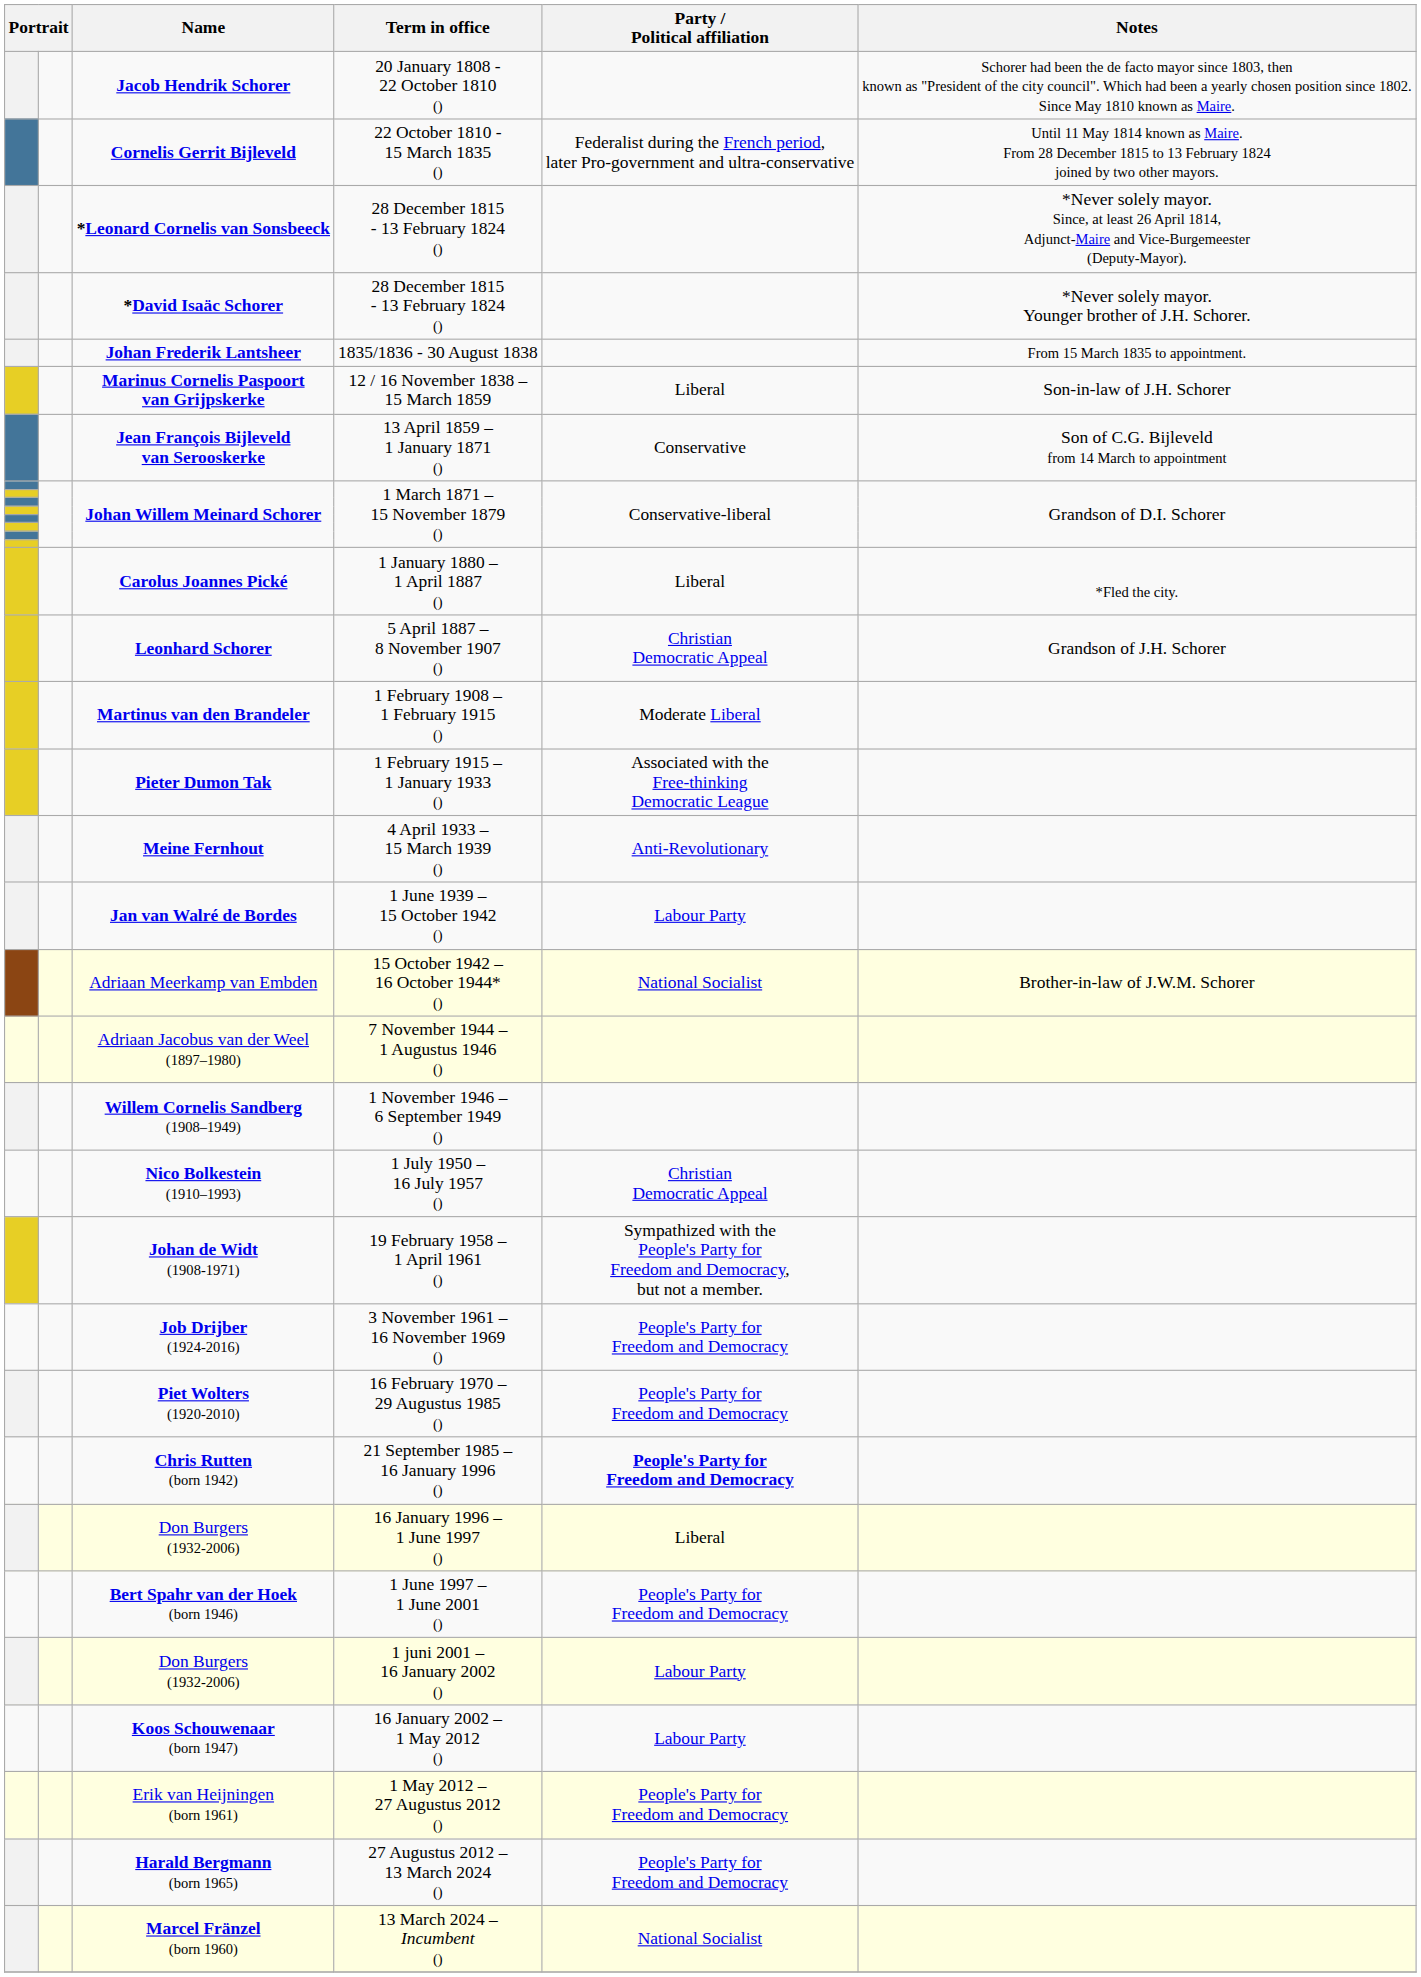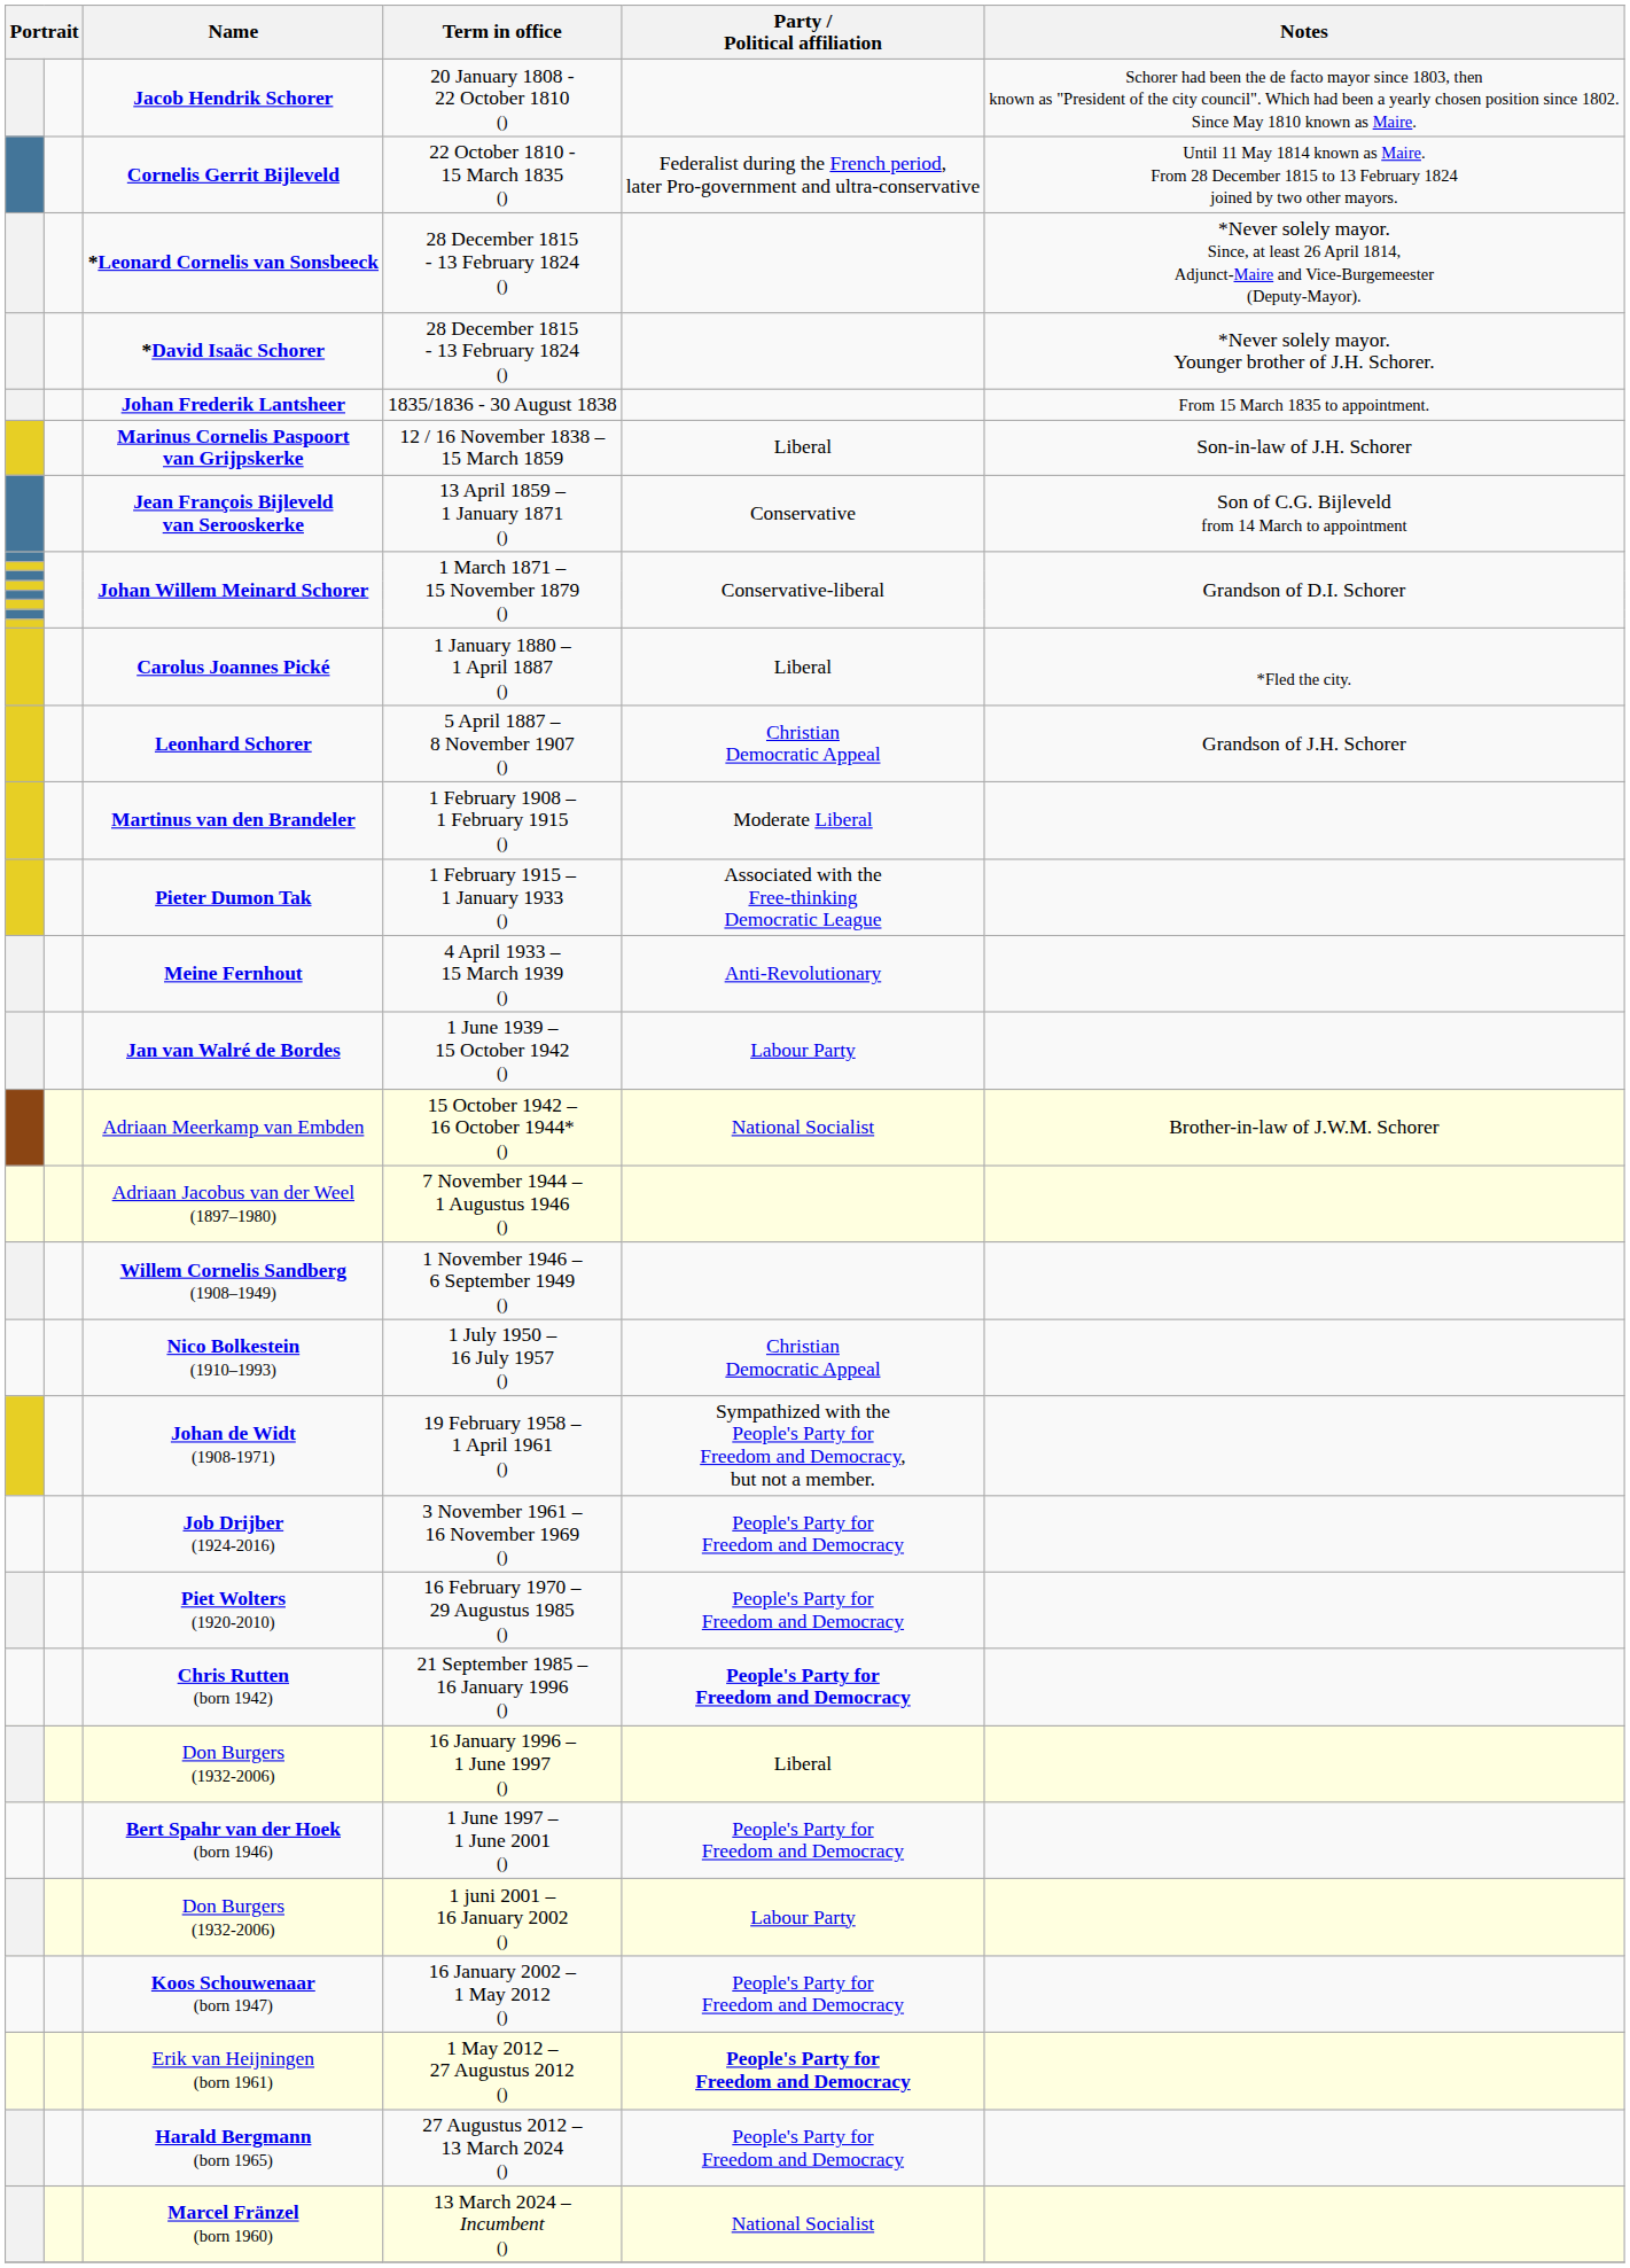 <table class="wikitable" style="text-align:center">
 <tr>
 <th colspan=2>Portrait</th>
 <th>Name</th>
 <th>Term in office</th>
 <th>Party / <br> Political affiliation</th>
 <th>Notes</th>
 </tr>
 <tr>
 <th style="background:"></th>
 <td></td>
 <td><strong><a href='#'>Jacob Hendrik Schorer</a></strong><br></td>
 <td>20 January 1808 - <br>22 October 1810<br><small>()</small></td>
 <td></td>
 <td><small>Schorer had been the de facto mayor since 1803, then<br> known as "President of the city council". Which had been a yearly chosen position since 1802. <br> Since May 1810 known as <a href='#'>Maire</a>.</small><br> </td>
 </tr>
 <tr>
 <th style="background:#437599"></th>
 <td></td>
 <td><strong><a href='#'>Cornelis Gerrit Bijleveld</a></strong><br></td>
 <td>22 October 1810 -<br>15 March 1835<br><small>()</small></td>
 <td>Federalist during the <a href='#'>French period</a>,<br>later Pro-government and ultra-conservative</td>
 <td><small>Until 11 May 1814 known as <a href='#'>Maire</a>.<br> From 28 December 1815 to 13 February 1824<br>joined by two other mayors.</small></td>
 </tr>
 <tr>
 <th style="background:"></th>
 <td></td>
 <td><strong>*<a href='#'>Leonard Cornelis van Sonsbeeck</a></strong><br></td>
 <td>28 December 1815<br>- 13 February 1824<br><small>()</small></td>
 <td></td>
 <td>*Never solely mayor.<br><small>Since, at least 26 April 1814,<br>Adjunct-<a href='#'>Maire</a> and Vice-Burgemeester<br>(Deputy-Mayor).</small></td>
 </tr>
 <tr>
 <th style="background:"></th>
 <td></td>
 <td><strong>*<a href='#'>David Isaäc Schorer</a></strong><br></td>
 <td>28 December 1815<br>- 13 February 1824<br><small>()</small></td>
 <td></td>
 <td>*Never solely mayor.<br>Younger brother of J.H. Schorer.</td>
 </tr>
 <tr>
 <th style="background:"></th>
 <td></td>
 <td><strong><a href='#'>Johan Frederik Lantsheer</a></strong><br></td>
 <td>1835/1836 - 30 August 1838</td>
 <td></td>
 <td><small> From 15 March 1835 to appointment.</small><br></td>
 </tr>
 <tr>
 <th style="background:#e7cf25"></th>
 <td></td>
 <td><strong><a href='#'>Marinus Cornelis Paspoort <br> van Grijpskerke</a></strong><br></td>
 <td>12 / 16 November 1838 – <br> 15 March 1859</td>
 <td>Liberal</td>
 <td>Son-in-law of J.H. Schorer</td>
 </tr>
 <tr>
 <th style="background:#437599"></th>
 <td></td>
 <td><strong><a href='#'>Jean François Bijleveld <br> van Serooskerke</a></strong><br></td>
 <td>13 April 1859 – <br> 1 January 1871 <br> <small>()</small></td>
 <td>Conservative</td>
 <td>Son of C.G. Bijleveld<br> <small> from 14 March to appointment</small></td>
 </tr>
 <tr>
 <th style="background:#437599"></th>
 <td rowspan=8></td>
 <td rowspan=8><strong><a href='#'>Johan Willem Meinard Schorer</a></strong><br></td>
 <td rowspan=8>1 March 1871 – <br> 15 November 1879 <br> <small>()</small></td>
 <td rowspan=8>Conservative-liberal</td>
 <td rowspan=8>Grandson of D.I. Schorer</td>
 </tr>
 <tr>
 <th style="background:#e7cf25"></th>
 </tr>
 <tr>
 <th style="background:#437599"></th>
 </tr>
 <tr>
 <th style="background:#e7cf25"></th>
 </tr>
 <tr>
 <th style="background:#437599"></th>
 </tr>
 <tr>
 <th style="background:#e7cf25"></th>
 </tr>
 <tr>
 <th style="background:#437599"></th>
 </tr>
 <tr>
 <th style="background:#e7cf25"></th>
 </tr>
 <tr>
 <th style="background:#e7cf25"></th>
 <td></td>
 <td><strong><a href='#'>Carolus Joannes Pické</a></strong><br></td>
 <td>1 January 1880 – <br> 1 April 1887 <br> <small>()</small></td>
 <td>Liberal</td>
 <td><br><small>*Fled the city.</small></td>
 </tr>
 <tr>
 <th style="background:#e7cf25"></th>
 <td></td>
 <td><strong><a href='#'>Leonhard Schorer</a></strong><br></td>
 <td>5 April 1887 – <br> 8 November 1907 <br> <small>()</small></td>
 <td><a href='#'>Christian <br> Democratic Appeal</a></td>
 <td>Grandson of J.H. Schorer<br></td>
 </tr>
 <tr>
 <th style="background:#e7cf25"></th>
 <td></td>
 <td><strong><a href='#'>Martinus van den Brandeler</a></strong><br></td>
 <td>1 February 1908 – <br> 1 February 1915 <br> <small>()</small></td>
 <td>Moderate <a href='#'>Liberal</a></td>
 <td></td>
 </tr>
 <tr>
 <th style="background:#e7cf25"></th>
 <td></td>
 <td><strong><a href='#'>Pieter Dumon Tak</a></strong><br></td>
 <td>1 February 1915 – <br> 1 January 1933 <br> <small>()</small></td>
 <td>Associated with the <br> <a href='#'>Free-thinking <br> Democratic League</a></td>
 <td></td>
 </tr>
 <tr>
 <th style="background:"></th>
 <td></td>
 <td><strong><a href='#'>Meine Fernhout</a></strong><br></td>
 <td>4 April 1933 – <br> 15 March 1939 <br> <small>()</small></td>
 <td><a href='#'>Anti-Revolutionary</a></td>
 <td></td>
 </tr>
 <tr>
 <th style="background:"></th>
 <td></td>
 <td><strong><a href='#'>Jan van Walré de Bordes</a></strong><br></td>
 <td>1 June 1939 – <br> 15 October 1942 <br> <small>()</small></td>
 <td><a href='#'>Labour Party</a></td>
 <td></td>
 </tr>
 <tr style="background:lightyellow">
 <th style="background:#8B4513"></th>
 <td></td>
 <td><a href='#'>Adriaan Meerkamp van Embden</a> <br></td>
 <td>15 October 1942 – <br> 16 October 1944* <br> <small>()</small></td>
 <td><a href='#'>National Socialist</a></td>
 <td>Brother-in-law of J.W.M. Schorer<br></td>
 </tr>
 <tr style="background:lightyellow">
 <td style="background:"></td>
 <td></td>
 <td><a href='#'>Adriaan Jacobus van der Weel</a> <br> <small>(1897–1980)</small></td>
 <td>7 November 1944 – <br> 1 Augustus 1946 <br> <small>()</small></td>
 <td></td>
 <td></td>
 </tr>
 <tr>
 <th style="background:"></th>
 <td></td>
 <td><strong><a href='#'>Willem Cornelis Sandberg</a></strong> <br> <small>(1908–1949)</small></td>
 <td>1 November 1946 – <br> 6 September 1949 <br> <small>()</small></td>
 <td></td>
 <td></td>
 </tr>
 <tr>
 <td style="background:"></td>
 <td></td>
 <td><strong><a href='#'>Nico Bolkestein</a></strong> <br> <small>(1910–1993)</small></td>
 <td>1 July 1950 – <br> 16 July 1957 <br> <small>()</small></td>
 <td><a href='#'>Christian <br> Democratic Appeal</a></td>
 <td></td>
 </tr>
 <tr>
 <th style="background:#e7cf25"></th>
 <td></td>
 <td><strong><a href='#'>Johan de Widt</a></strong> <br> <small>(1908-1971)</small></td>
 <td>19 February 1958 – <br> 1 April 1961 <br> <small>()</small></td>
 <td>Sympathized with the <br> <a href='#'>People's Party for <br> Freedom and Democracy</a>, <br> but not a member.</td>
 <td></td>
 </tr>
 <tr>
 <td style="background:"></td>
 <td></td>
 <td><strong><a href='#'>Job Drijber</a></strong> <br> <small>(1924-2016)</small></td>
 <td>3 November 1961 – <br> 16 November 1969 <br> <small>()</small></td>
 <td><a href='#'>People's Party for <br> Freedom and Democracy</a></td>
 <td></td>
 </tr>
 <tr>
 <th style="background:"></th>
 <td></td>
 <td><strong><a href='#'>Piet Wolters</a></strong> <br> <small>(1920-2010)</small></td>
 <td>16 February 1970 – <br> 29 Augustus 1985 <br> <small>()</small></td>
 <td><a href='#'>People's Party for <br> Freedom and Democracy</a></td>
 <td></td>
 </tr>
 <tr>
 <td style="background:"></td>
 <td></td>
 <td><strong><a href='#'>Chris Rutten</a></strong> <br> <small>(born 1942)</small></td>
 <td>21 September 1985 – <br> 16 January 1996 <br> <small>()</small></td>
 <td><strong><a href='#'>People's Party for <br> Freedom and Democracy</a></strong></td>
 <td></td>
 </tr>
 <tr style="background:lightyellow">
 <th style="background:"></th>
 <td></td>
 <td><a href='#'>Don Burgers</a> <br> <small>(1932-2006)</small></td>
 <td>16 January 1996 – <br> 1 June 1997 <br> <small>()</small></td>
 <td>Liberal</td>
 <td></td>
 </tr>
 <tr>
 <td style="background:"></td>
 <td></td>
 <td><strong><a href='#'>Bert Spahr van der Hoek</a></strong> <br> <small>(born 1946)</small></td>
 <td>1 June 1997 – <br> 1 June 2001 <br> <small>()</small> <br></td>
 <td><a href='#'>People's Party for <br> Freedom and Democracy</a></td>
 <td></td>
 </tr>
 <tr style="background:lightyellow">
 <th style="background:"></th>
 <td></td>
 <td><a href='#'>Don Burgers</a> <br> <small>(1932-2006)</small></td>
 <td>1 juni 2001 – <br> 16 January 2002 <br> <small>()</small></td>
 <td><a href='#'>Labour Party</a></td>
 <td></td>
 </tr>
 <tr>
 <td style="background:"></td>
 <td></td>
 <td><strong><a href='#'>Koos Schouwenaar</a></strong> <br> <small>(born 1947)</small></td>
 <td>16 January 2002 – <br> 1 May 2012 <br> <small>()</small></td>
-<td><a href='#'>Labour Party</a></td>
+<td><a href='#'>People's Party for <br> Freedom and Democracy</a></td>
 <td></td>
 </tr>
 <tr style="background:lightyellow">
 <td style="background:"></td>
 <td></td>
 <td><a href='#'>Erik van Heijningen</a> <br> <small>(born 1961)</small></td>
 <td>1 May 2012 – <br> 27 Augustus 2012 <br> <small>()</small></td>
-<td><a href='#'>People's Party for <br> Freedom and Democracy</a></td>
+<td><strong><a href='#'>People's Party for <br> Freedom and Democracy</a></strong></td>
 <td></td>
 </tr>
 <tr>
 <th style="background:"></th>
 <td></td>
 <td><strong><a href='#'>Harald Bergmann</a></strong> <br> <small>(born 1965)</small></td>
 <td>27 Augustus 2012 – <br> 13 March 2024 <br> <small>()</small></td>
 <td><a href='#'>People's Party for <br> Freedom and Democracy</a></td>
 <td></td>
 </tr>
 <tr style="background:lightyellow">
 <th style="background:"></th>
 <td></td>
 <td><strong><a href='#'>Marcel Fränzel</a></strong> <br> <small>(born 1960)</small></td>
 <td>13 March 2024 – <br> <em>Incumbent</em> <br> <small>()</small></td>
 <td><a href='#'>National Socialist</a></td>
 <td></td>
 </tr>
 <tr>
 </tr>
 </table>
